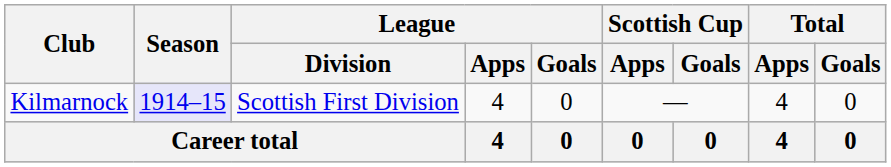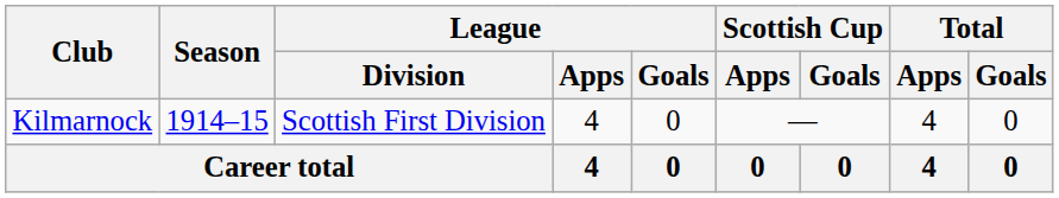 <table class="wikitable" style="text-align: center;">
 <tr>
 <th rowspan="2">Club</th>
 <th rowspan="2">Season</th>
 <th colspan="3">League</th>
 <th colspan="2">Scottish Cup</th>
 <th colspan="2">Total</th>
 </tr>
 <tr>
 <th>Division</th>
 <th>Apps</th>
 <th>Goals</th>
 <th>Apps</th>
 <th>Goals</th>
 <th>Apps</th>
 <th>Goals</th>
 </tr>
 <tr>
 <td><a href='#'>Kilmarnock</a></td>
-<td style="background: lavender;"><a href='#'>1914–15</a></td>
+<td><a href='#'>1914–15</a></td>
 <td><a href='#'>Scottish First Division</a></td>
 <td>4</td>
 <td>0</td>
 <td colspan="2">—</td>
 <td>4</td>
 <td>0</td>
 </tr>
 <tr>
 <th colspan="3">Career total</th>
 <th>4</th>
 <th>0</th>
 <th>0</th>
 <th>0</th>
 <th>4</th>
 <th>0</th>
 </tr>
 </table>
